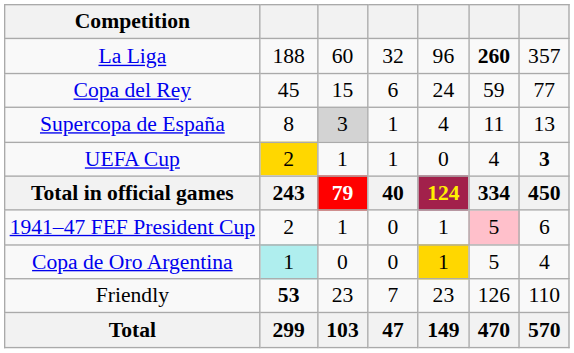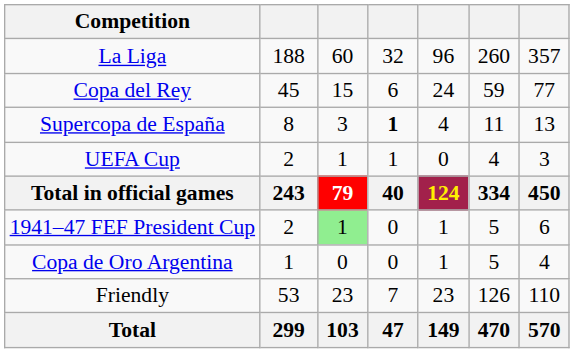 <table class="wikitable" style="text-align:center">
 <tr>
 <th>Competition</th>
 <th width=35></th>
 <th width=30></th>
 <th width=30></th>
 <th width=30></th>
 <th width=30></th>
 <th width=30></th>
 </tr>
 <tr>
 <td><a href='#'>La Liga</a></td>
 <td>188</td>
 <td>60</td>
 <td>32</td>
 <td>96</td>
-<td><strong>260</strong></td>
+<td>260</td>
 <td>357</td>
 </tr>
 <tr>
 <td><a href='#'>Copa del Rey</a></td>
 <td>45</td>
 <td>15</td>
 <td>6</td>
 <td>24</td>
 <td>59</td>
 <td>77</td>
 </tr>
 <tr>
 <td><a href='#'>Supercopa de España</a></td>
 <td>8</td>
-<td style="background: lightgrey;">3</td>
-<td>1</td>
+<td>3</td>
+<td><strong>1</strong></td>
 <td>4</td>
 <td>11</td>
 <td>13</td>
 </tr>
 <tr>
 <td><a href='#'>UEFA Cup</a></td>
-<td style="background: gold;">2</td>
+<td>2</td>
 <td>1</td>
 <td>1</td>
 <td>0</td>
 <td>4</td>
-<td><strong>3</strong></td>
+<td>3</td>
 </tr>
 <tr>
 <th>Total in official games</th>
 <th>243</th>
 <th style="text-align:center; color:#FFFFFF; background:#FF0000;">79</th>
 <th>40</th>
 <th style="text-align:center; color:#fff000; background:#A2214B;">124</th>
 <th>334</th>
 <th>450</th>
 </tr>
 <tr>
 <td><a href='#'>1941–47 FEF President Cup</a></td>
 <td>2</td>
-<td>1</td>
+<td style="background: lightgreen;">1</td>
 <td>0</td>
 <td>1</td>
-<td style="background: pink;">5</td>
+<td>5</td>
 <td>6</td>
 </tr>
 <tr>
 <td><a href='#'>Copa de Oro Argentina</a></td>
-<td style="background: paleturquoise;">1</td>
+<td>1</td>
 <td>0</td>
 <td>0</td>
-<td style="background: gold;">1</td>
+<td>1</td>
 <td>5</td>
 <td>4</td>
 </tr>
 <tr>
 <td>Friendly<br></td>
-<td><strong>53</strong></td>
+<td>53</td>
 <td>23</td>
 <td>7</td>
 <td>23</td>
 <td>126</td>
 <td>110</td>
 </tr>
 <tr>
 <th>Total</th>
 <th>299</th>
 <th>103</th>
 <th>47</th>
 <th>149</th>
 <th>470</th>
 <th>570</th>
 </tr>
 </table>
